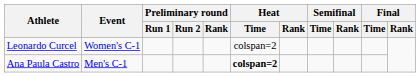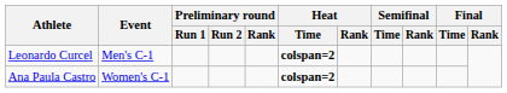 <table class="wikitable" style="font-size:90%;text-align:center">
 <tr>
 <th rowspan=2>Athlete</th>
 <th rowspan=2>Event</th>
 <th colspan=3>Preliminary round</th>
 <th colspan=2>Heat</th>
 <th colspan=2>Semifinal</th>
 <th colspan=2>Final</th>
 </tr>
 <tr style=font-size:95%>
 <th>Run 1</th>
 <th>Run 2</th>
 <th>Rank</th>
 <th>Time</th>
 <th>Rank</th>
 <th>Time</th>
 <th>Rank</th>
 <th>Time</th>
 <th>Rank</th>
 </tr>
 <tr>
 <td style="text-align:left"><a href='#'>Leonardo Curcel</a></td>
-<td style="text-align:left"><a href='#'>Women's C-1</a></td>
-<td></td>
-<td></td>
-<td></td>
-<td>colspan=2 </td>
-<td></td>
-<td></td>
-<td></td>
-<td></td>
-</tr>
-<tr>
-<td style="text-align:left"><a href='#'>Ana Paula Castro</a></td>
 <td style="text-align:left"><a href='#'>Men's C-1</a></td>
 <td></td>
 <td></td>
 <td></td>
 <td><strong>colspan=2 </strong></td>
 <td></td>
 <td></td>
 <td></td>
 <td></td>
 </tr>
+<tr>
+<td style="text-align:left"><a href='#'>Ana Paula Castro</a></td>
+<td style="text-align:left"><a href='#'>Women's C-1</a></td>
+<td></td>
+<td></td>
+<td></td>
+<td><strong>colspan=2 </strong></td>
+<td></td>
+<td></td>
+<td></td>
+<td></td>
+</tr>
 </table>
